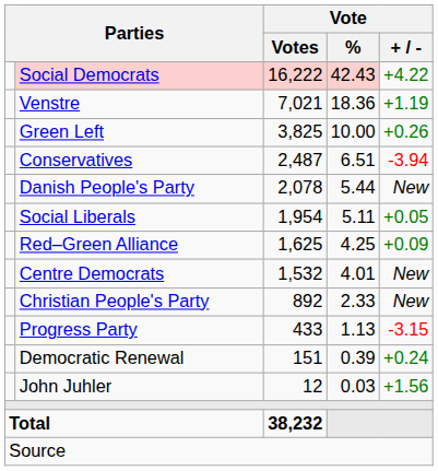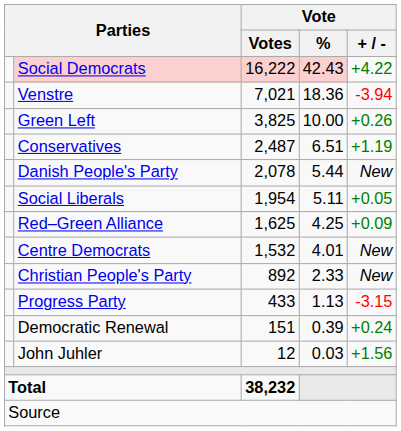 <table class="wikitable" style="text-align:right;">
 <tr>
 <th style="text-align:centre;" rowspan="2" colspan="2" width="225">Parties</th>
 <th colspan="3">Vote</th>
 </tr>
 <tr>
 <th width="15">Votes</th>
 <th width="15">%</th>
 <th width="15">+ / -</th>
 </tr>
 <tr>
 <td width="2" style="color:inherit;background:"></td>
 <td bgcolor=#fbd0ce  align="left"><a href='#'>Social Democrats</a></td>
 <td bgcolor=#fbd0ce>16,222</td>
 <td bgcolor=#fbd0ce>42.43</td>
 <td style=color:green;>+4.22</td>
 </tr>
 <tr>
 <td width="2" style="color:inherit;background:"></td>
 <td align="left"><a href='#'>Venstre</a></td>
 <td>7,021</td>
 <td>18.36</td>
-<td style=color:green;>+1.19</td>
+<td style=color:red;>-3.94</td>
 </tr>
 <tr>
 <td width="2" style="color:inherit;background:"></td>
 <td align="left"><a href='#'>Green Left</a></td>
 <td>3,825</td>
 <td>10.00</td>
 <td style=color:green;>+0.26</td>
 </tr>
 <tr>
 <td width="2" style="color:inherit;background:"></td>
 <td align="left"><a href='#'>Conservatives</a></td>
 <td>2,487</td>
 <td>6.51</td>
-<td style=color:red;>-3.94</td>
+<td style=color:green;>+1.19</td>
 </tr>
 <tr>
 <td width="2" style="color:inherit;background:"></td>
 <td align="left"><a href='#'>Danish People's Party</a></td>
 <td>2,078</td>
 <td>5.44</td>
 <td><em>New</em></td>
 </tr>
 <tr>
 <td width="2" style="color:inherit;background:"></td>
 <td align="left"><a href='#'>Social Liberals</a></td>
 <td>1,954</td>
 <td>5.11</td>
 <td style=color:green;>+0.05</td>
 </tr>
 <tr>
 <td width="2" style="color:inherit;background:"></td>
 <td align="left"><a href='#'>Red–Green Alliance</a></td>
 <td>1,625</td>
 <td>4.25</td>
 <td style=color:green;>+0.09</td>
 </tr>
 <tr>
 <td width="2" style="color:inherit;background:"></td>
 <td align="left"><a href='#'>Centre Democrats</a></td>
 <td>1,532</td>
 <td>4.01</td>
 <td><em>New</em></td>
 </tr>
 <tr>
 <td width="2" style="color:inherit;background:"></td>
 <td align="left"><a href='#'>Christian People's Party</a></td>
 <td>892</td>
 <td>2.33</td>
 <td><em>New</em></td>
 </tr>
 <tr>
 <td width="2" style="color:inherit;background:"></td>
 <td align="left"><a href='#'>Progress Party</a></td>
 <td>433</td>
 <td>1.13</td>
 <td style=color:red;>-3.15</td>
 </tr>
 <tr>
 <td width="2" style="color:inherit;background:"></td>
 <td align="left">Democratic Renewal</td>
 <td>151</td>
 <td>0.39</td>
 <td style=color:green;>+0.24</td>
 </tr>
 <tr>
 <td width="2" style="color:inherit;background:"></td>
 <td align="left">John Juhler</td>
 <td>12</td>
 <td>0.03</td>
 <td style=color:green;>+1.56</td>
 </tr>
 <tr>
 <td colspan="7" bgcolor="#E9E9E9"></td>
 </tr>
 <tr>
 <td align="left" colspan="2"><strong>Total</strong></td>
 <td><strong>38,232</strong></td>
 <td bgcolor="#E9E9E9" colspan="2"></td>
 </tr>
 <tr>
 <td align="left" colspan="6">Source</td>
 </tr>
 </table>
